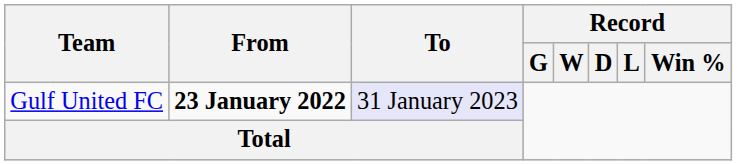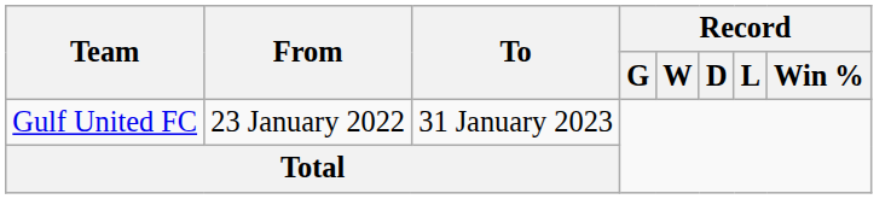 <table class="wikitable" style="text-align: center">
 <tr>
 <th rowspan=2>Team</th>
 <th rowspan=2>From</th>
 <th rowspan=2>To</th>
 <th colspan=5>Record</th>
 </tr>
 <tr>
 <th>G</th>
 <th>W</th>
 <th>D</th>
 <th>L</th>
 <th>Win %</th>
 </tr>
 <tr>
 <td align=left> <a href='#'>Gulf United FC</a></td>
-<td align=left><strong>23 January 2022</strong></td>
-<td align=left style="background: lavender;">31 January 2023<br></td>
+<td align=left>23 January 2022</td>
+<td align=left>31 January 2023<br></td>
 </tr>
 <tr>
 <th colspan=3>Total<br></th>
 </tr>
 </table>
